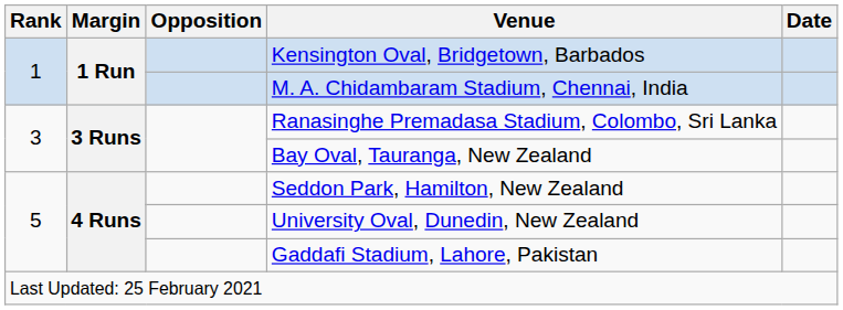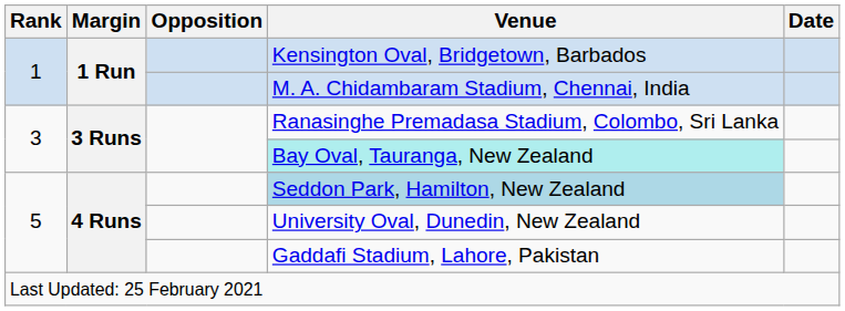 <table class="wikitable plainrowheaders sortable">
 <tr>
 <th scope=col>Rank</th>
 <th scope=col>Margin</th>
 <th scope=col>Opposition</th>
 <th scope=col>Venue</th>
 <th scope=col>Date</th>
 </tr>
 <tr bgcolor=#cee0f2>
 <td align=center rowspan=2>1</td>
 <th scope=row style=text-align:center rowspan=2>1 Run</th>
 <td></td>
 <td><a href='#'>Kensington Oval</a>, <a href='#'>Bridgetown</a>, Barbados</td>
 <td> </td>
 </tr>
 <tr bgcolor=#cee0f2>
 <td></td>
 <td><a href='#'>M. A. Chidambaram Stadium</a>, <a href='#'>Chennai</a>, India</td>
 <td></td>
 </tr>
 <tr>
 <td align=center rowspan=2>3</td>
 <th scope=row style=text-align:center rowspan=2>3 Runs</th>
 <td rowspan=2></td>
 <td><a href='#'>Ranasinghe Premadasa Stadium</a>, <a href='#'>Colombo</a>, Sri Lanka</td>
 <td></td>
 </tr>
 <tr>
-<td><a href='#'>Bay Oval</a>, <a href='#'>Tauranga</a>, New Zealand</td>
+<td style="background: paleturquoise;"><a href='#'>Bay Oval</a>, <a href='#'>Tauranga</a>, New Zealand</td>
 <td></td>
 </tr>
 <tr>
 <td align=center rowspan=3>5</td>
 <th scope=row style=text-align:center rowspan=3>4 Runs</th>
 <td></td>
-<td><a href='#'>Seddon Park</a>, <a href='#'>Hamilton</a>, New Zealand</td>
+<td style="background: lightblue;"><a href='#'>Seddon Park</a>, <a href='#'>Hamilton</a>, New Zealand</td>
 <td></td>
 </tr>
 <tr>
 <td></td>
 <td><a href='#'>University Oval</a>, <a href='#'>Dunedin</a>, New Zealand</td>
 <td></td>
 </tr>
 <tr>
 <td></td>
 <td><a href='#'>Gaddafi Stadium</a>, <a href='#'>Lahore</a>, Pakistan</td>
 <td></td>
 </tr>
 <tr class=sortbottom>
 <td colspan=5><small>Last Updated: 25 February 2021</small></td>
 </tr>
 </table>
